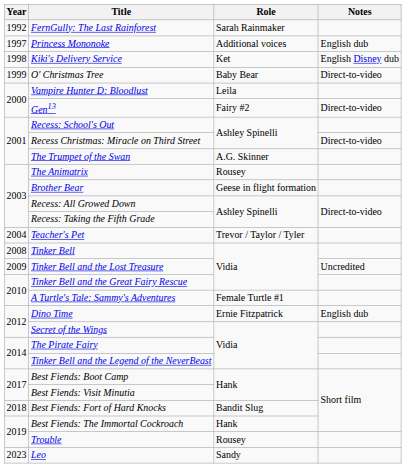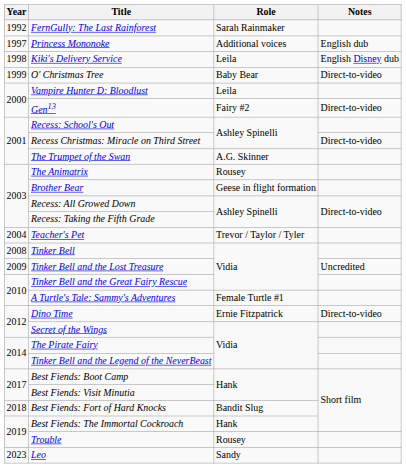 <table class="wikitable plainrowheaders sortable">
 <tr>
 <th scope="col">Year</th>
 <th scope="col">Title</th>
 <th scope="col">Role</th>
 <th scope="col" class="unsortable">Notes</th>
 </tr>
 <tr>
 <td>1992</td>
 <td scope="row"><em><a href='#'>FernGully: The Last Rainforest</a></em></td>
 <td>Sarah Rainmaker</td>
 <td></td>
 </tr>
 <tr>
 <td>1997</td>
 <td scope="row"><em><a href='#'>Princess Mononoke</a></em></td>
 <td>Additional voices</td>
 <td>English dub</td>
 </tr>
 <tr>
 <td>1998</td>
 <td scope="row"><em><a href='#'>Kiki's Delivery Service</a></em></td>
-<td>Ket</td>
+<td>Leila</td>
 <td>English <a href='#'>Disney</a> dub</td>
 </tr>
 <tr>
 <td>1999</td>
 <td scope="row"><em>O' Christmas Tree</em></td>
 <td>Baby Bear</td>
 <td>Direct-to-video</td>
 </tr>
 <tr>
 <td rowspan="2">2000</td>
 <td scope="row"><em><a href='#'>Vampire Hunter D: Bloodlust</a></em></td>
 <td>Leila</td>
 <td></td>
 </tr>
 <tr>
 <td scope="row"><em><a href='#'>Gen<sup>13</sup></a></em></td>
 <td>Fairy #2</td>
 <td>Direct-to-video</td>
 </tr>
 <tr>
 <td rowspan="3">2001</td>
 <td scope="row"><em><a href='#'>Recess: School's Out</a></em></td>
 <td rowspan="2">Ashley Spinelli</td>
 <td></td>
 </tr>
 <tr>
 <td scope="row"><em>Recess Christmas: Miracle on Third Street</em></td>
 <td>Direct-to-video</td>
 </tr>
 <tr>
 <td scope="row"><em><a href='#'>The Trumpet of the Swan</a></em></td>
 <td>A.G. Skinner</td>
 <td></td>
 </tr>
 <tr>
 <td rowspan="4">2003</td>
 <td scope="row"><em><a href='#'>The Animatrix</a></em></td>
 <td>Rousey</td>
 <td></td>
 </tr>
 <tr>
 <td scope="row"><em><a href='#'>Brother Bear</a></em></td>
 <td>Geese in flight formation</td>
 <td></td>
 </tr>
 <tr>
 <td scope="row"><em>Recess: All Growed Down</em></td>
 <td rowspan="2">Ashley Spinelli</td>
 <td rowspan="2">Direct-to-video</td>
 </tr>
 <tr>
 <td scope="row"><em>Recess: Taking the Fifth Grade</em></td>
 </tr>
 <tr>
 <td>2004</td>
 <td scope="row"><em><a href='#'>Teacher's Pet</a></em></td>
 <td>Trevor / Taylor / Tyler</td>
 <td></td>
 </tr>
 <tr>
 <td>2008</td>
 <td scope="row"><em><a href='#'>Tinker Bell</a></em></td>
 <td rowspan="3">Vidia</td>
 <td></td>
 </tr>
 <tr>
 <td>2009</td>
 <td scope="row"><em><a href='#'>Tinker Bell and the Lost Treasure</a></em></td>
 <td>Uncredited</td>
 </tr>
 <tr>
 <td rowspan="2">2010</td>
 <td scope="row"><em><a href='#'>Tinker Bell and the Great Fairy Rescue</a></em></td>
 <td></td>
 </tr>
 <tr>
 <td scope="row"><em><a href='#'>A Turtle's Tale: Sammy's Adventures</a></em></td>
 <td>Female Turtle #1</td>
 <td></td>
 </tr>
 <tr>
 <td rowspan="2">2012</td>
 <td scope="row"><em><a href='#'>Dino Time</a></em></td>
 <td>Ernie Fitzpatrick</td>
-<td>English dub</td>
+<td>Direct-to-video</td>
 </tr>
 <tr>
 <td scope="row"><em><a href='#'>Secret of the Wings</a></em></td>
 <td rowspan="3">Vidia</td>
 <td></td>
 </tr>
 <tr>
 <td rowspan="2">2014</td>
 <td scope="row"><em><a href='#'>The Pirate Fairy</a></em></td>
 <td></td>
 </tr>
 <tr>
 <td scope="row"><em><a href='#'>Tinker Bell and the Legend of the NeverBeast</a></em></td>
 <td></td>
 </tr>
 <tr>
 <td rowspan="2">2017</td>
 <td scope="row"><em>Best Fiends: Boot Camp</em></td>
 <td rowspan="2">Hank</td>
 <td rowspan="4">Short film</td>
 </tr>
 <tr>
 <td scope="row"><em>Best Fiends: Visit Minutia</em></td>
 </tr>
 <tr>
 <td>2018</td>
 <td scope="row"><em>Best Fiends: Fort of Hard Knocks</em></td>
 <td>Bandit Slug</td>
 </tr>
 <tr>
 <td rowspan="2">2019</td>
 <td scope="row"><em>Best Fiends: The Immortal Cockroach</em></td>
 <td>Hank</td>
 </tr>
 <tr>
 <td scope="row"><em><a href='#'>Trouble</a></em></td>
 <td>Rousey</td>
 <td></td>
 </tr>
 <tr>
 <td>2023</td>
 <td><em><a href='#'>Leo</a></em></td>
 <td>Sandy</td>
 <td></td>
 </tr>
 </table>
